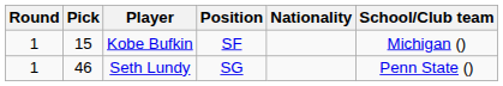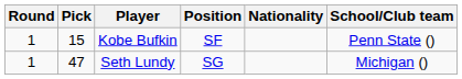 <table class="wikitable sortable sortable">
 <tr>
 <th>Round</th>
 <th>Pick</th>
 <th>Player</th>
 <th>Position</th>
 <th>Nationality</th>
 <th>School/Club team</th>
 </tr>
 <tr style="text-align: center">
 <td>1</td>
 <td>15</td>
 <td><a href='#'>Kobe Bufkin</a></td>
 <td><a href='#'>SF</a></td>
 <td></td>
-<td><a href='#'>Michigan</a> ()</td>
+<td><a href='#'>Penn State</a> ()</td>
 </tr>
 <tr style="text-align: center">
 <td>1</td>
-<td>46</td>
+<td>47</td>
 <td><a href='#'>Seth Lundy</a></td>
 <td><a href='#'>SG</a></td>
 <td></td>
-<td><a href='#'>Penn State</a> ()</td>
+<td><a href='#'>Michigan</a> ()</td>
 </tr>
 </table>
